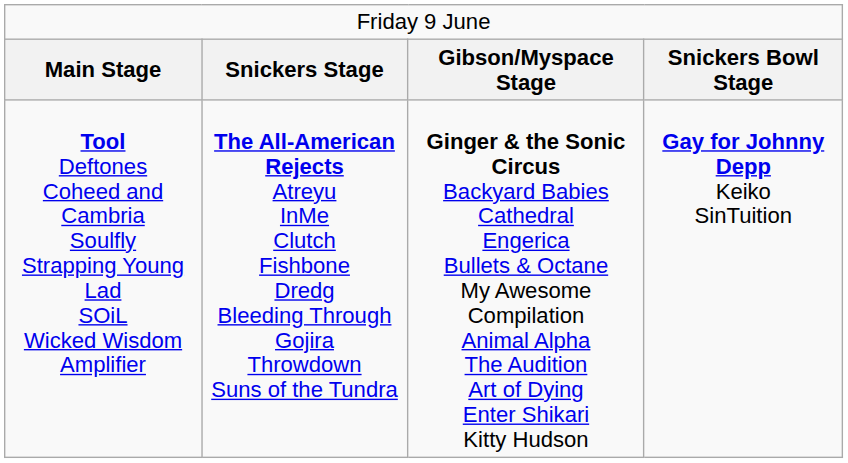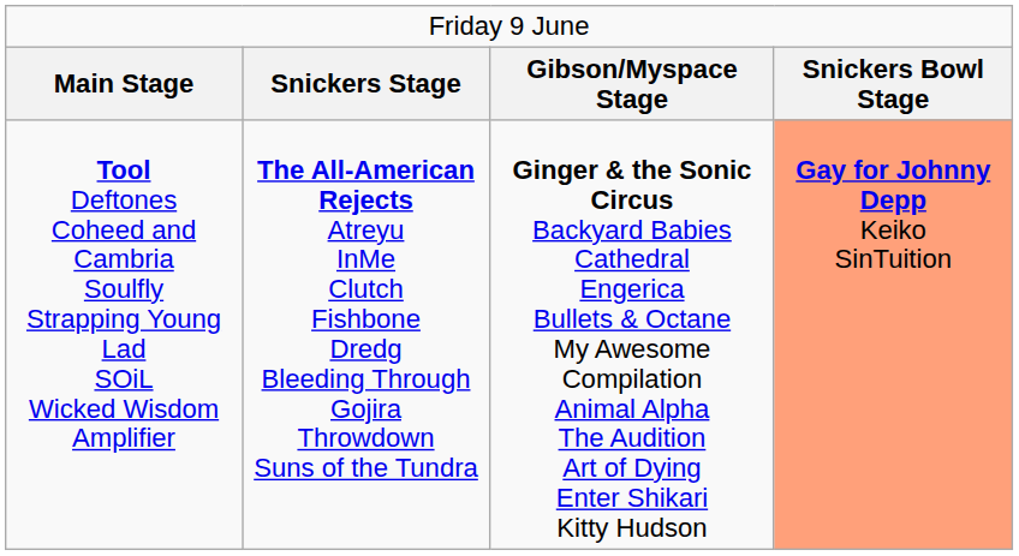 <table class="wikitable">
 <tr>
 <td colspan="4" style="text-align:center;">Friday 9 June</td>
 </tr>
 <tr>
 <th>Main Stage</th>
 <th>Snickers Stage</th>
 <th>Gibson/Myspace Stage</th>
 <th>Snickers Bowl Stage</th>
 </tr>
 <tr>
 <td style="text-align:center; vertical-align:top; width:200px;"><br><strong><a href='#'>Tool</a></strong> <br><a href='#'>Deftones</a> <br><a href='#'>Coheed and Cambria</a> <br><a href='#'>Soulfly</a> <br><a href='#'>Strapping Young Lad</a> <br><a href='#'>SOiL</a> <br><a href='#'>Wicked Wisdom</a> <br><a href='#'>Amplifier</a></td>
 <td style="text-align:center; vertical-align:top; width:200px;"><br><strong><a href='#'>The All-American Rejects</a></strong> <br><a href='#'>Atreyu</a> <br><a href='#'>InMe</a> <br><a href='#'>Clutch</a> <br><a href='#'>Fishbone</a> <br><a href='#'>Dredg</a> <br><a href='#'>Bleeding Through</a> <br><a href='#'>Gojira</a> <br><a href='#'>Throwdown</a> <br><a href='#'>Suns of the Tundra</a></td>
 <td style="text-align:center; vertical-align:top; width:200px;"><br><strong>Ginger & the Sonic Circus</strong> <br><a href='#'>Backyard Babies</a> <br><a href='#'>Cathedral</a> <br><a href='#'>Engerica</a> <br><a href='#'>Bullets & Octane</a> <br>My Awesome Compilation <br><a href='#'>Animal Alpha</a> <br><a href='#'>The Audition</a> <br><a href='#'>Art of Dying</a> <br><a href='#'>Enter Shikari</a> <br>Kitty Hudson</td>
-<td style="text-align:center; vertical-align:top; width:200px;"><br><strong><a href='#'>Gay for Johnny Depp</a></strong> <br>Keiko <br>SinTuition</td>
+<td style="background: lightsalmon; text-align:center; vertical-align:top; width:200px;"><br><strong><a href='#'>Gay for Johnny Depp</a></strong> <br>Keiko <br>SinTuition</td>
 </tr>
 </table>
